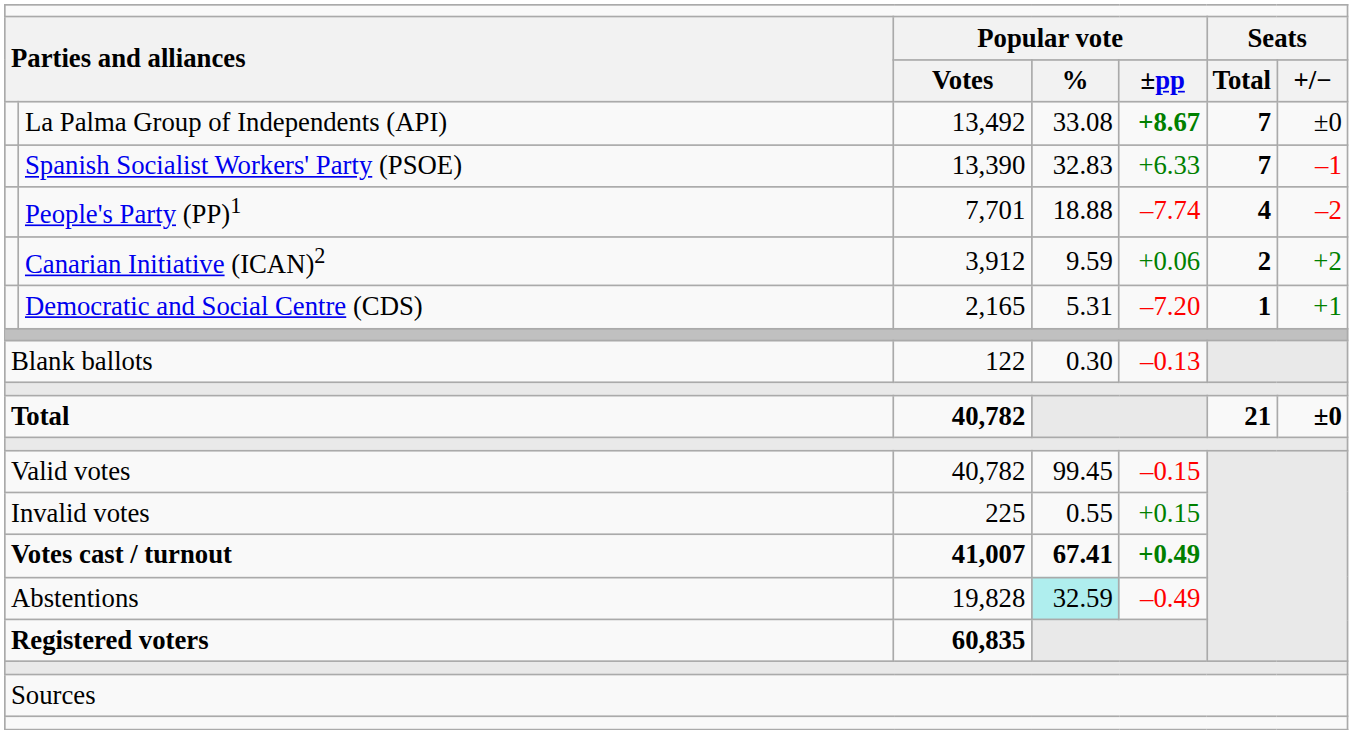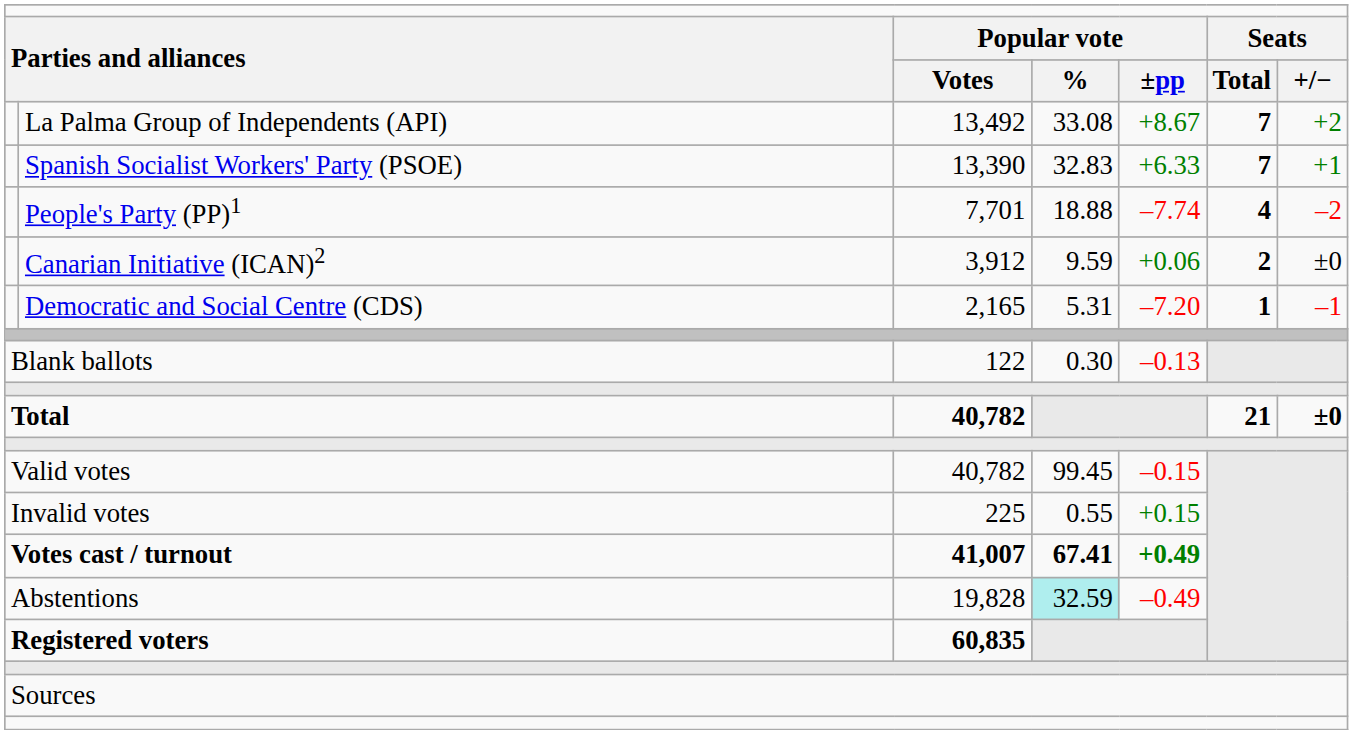 <table class="wikitable" style="text-align:right;">
 <tr>
 <td colspan="7"></td>
 </tr>
 <tr>
 <th style="text-align:left;" rowspan="2" colspan="2" width="525">Parties and alliances</th>
 <th colspan="3">Popular vote</th>
 <th colspan="2">Seats</th>
 </tr>
 <tr>
 <th width="75">Votes</th>
 <th width="45">%</th>
 <th width="45">±<a href='#'>pp</a></th>
 <th width="35">Total</th>
 <th width="35">+/−</th>
 </tr>
 <tr>
 <td width="1" style="color:inherit;background:"></td>
 <td align="left">La Palma Group of Independents (API)</td>
 <td>13,492</td>
 <td>33.08</td>
-<td style="color:green;"><strong>+8.67</strong></td>
+<td style="color:green;">+8.67</td>
 <td><strong>7</strong></td>
-<td>±0</td>
+<td style="color:green;">+2</td>
 </tr>
 <tr>
 <td style="color:inherit;background:"></td>
 <td align="left"><a href='#'>Spanish Socialist Workers' Party</a> (PSOE)</td>
 <td>13,390</td>
 <td>32.83</td>
 <td style="color:green;">+6.33</td>
 <td><strong>7</strong></td>
-<td style="color:red;">–1</td>
+<td style="color:green;">+1</td>
 </tr>
 <tr>
 <td style="color:inherit;background:"></td>
 <td align="left"><a href='#'>People's Party</a> (PP)<sup>1</sup></td>
 <td>7,701</td>
 <td>18.88</td>
 <td style="color:red;">–7.74</td>
 <td><strong>4</strong></td>
 <td style="color:red;">–2</td>
 </tr>
 <tr>
 <td style="color:inherit;background:"></td>
 <td align="left"><a href='#'>Canarian Initiative</a> (ICAN)<sup>2</sup></td>
 <td>3,912</td>
 <td>9.59</td>
 <td style="color:green;">+0.06</td>
 <td><strong>2</strong></td>
-<td style="color:green;">+2</td>
+<td>±0</td>
 </tr>
 <tr>
 <td style="color:inherit;background:"></td>
 <td align="left"><a href='#'>Democratic and Social Centre</a> (CDS)</td>
 <td>2,165</td>
 <td>5.31</td>
 <td style="color:red;">–7.20</td>
 <td><strong>1</strong></td>
-<td style="color:green;">+1</td>
+<td style="color:red;">–1</td>
 </tr>
 <tr>
 <td colspan="7" bgcolor="#C0C0C0"></td>
 </tr>
 <tr>
 <td align="left" colspan="2">Blank ballots</td>
 <td>122</td>
 <td>0.30</td>
 <td style="color:red;">–0.13</td>
 <td bgcolor="#E9E9E9" colspan="2"></td>
 </tr>
 <tr>
 <td colspan="7" bgcolor="#E9E9E9"></td>
 </tr>
 <tr style="font-weight:bold;">
 <td align="left" colspan="2">Total</td>
 <td>40,782</td>
 <td bgcolor="#E9E9E9" colspan="2"></td>
 <td>21</td>
 <td>±0</td>
 </tr>
 <tr>
 <td colspan="7" bgcolor="#E9E9E9"></td>
 </tr>
 <tr>
 <td align="left" colspan="2">Valid votes</td>
 <td>40,782</td>
 <td>99.45</td>
 <td style="color:red;">–0.15</td>
 <td bgcolor="#E9E9E9" colspan="2" rowspan="5"></td>
 </tr>
 <tr>
 <td align="left" colspan="2">Invalid votes</td>
 <td>225</td>
 <td>0.55</td>
 <td style="color:green;">+0.15</td>
 </tr>
 <tr style="font-weight:bold;">
 <td align="left" colspan="2">Votes cast / turnout</td>
 <td>41,007</td>
 <td>67.41</td>
 <td style="color:green;">+0.49</td>
 </tr>
 <tr>
 <td align="left" colspan="2">Abstentions</td>
 <td>19,828</td>
 <td style="background: paleturquoise;">32.59</td>
 <td style="color:red;">–0.49</td>
 </tr>
 <tr style="font-weight:bold;">
 <td align="left" colspan="2">Registered voters</td>
 <td>60,835</td>
 <td bgcolor="#E9E9E9" colspan="2"></td>
 </tr>
 <tr>
 <td colspan="7" bgcolor="#E9E9E9"></td>
 </tr>
 <tr>
 <td align="left" colspan="7">Sources</td>
 </tr>
 <tr>
 <td colspan="7" style="text-align:left; max-width:790px;"></td>
 </tr>
 </table>
